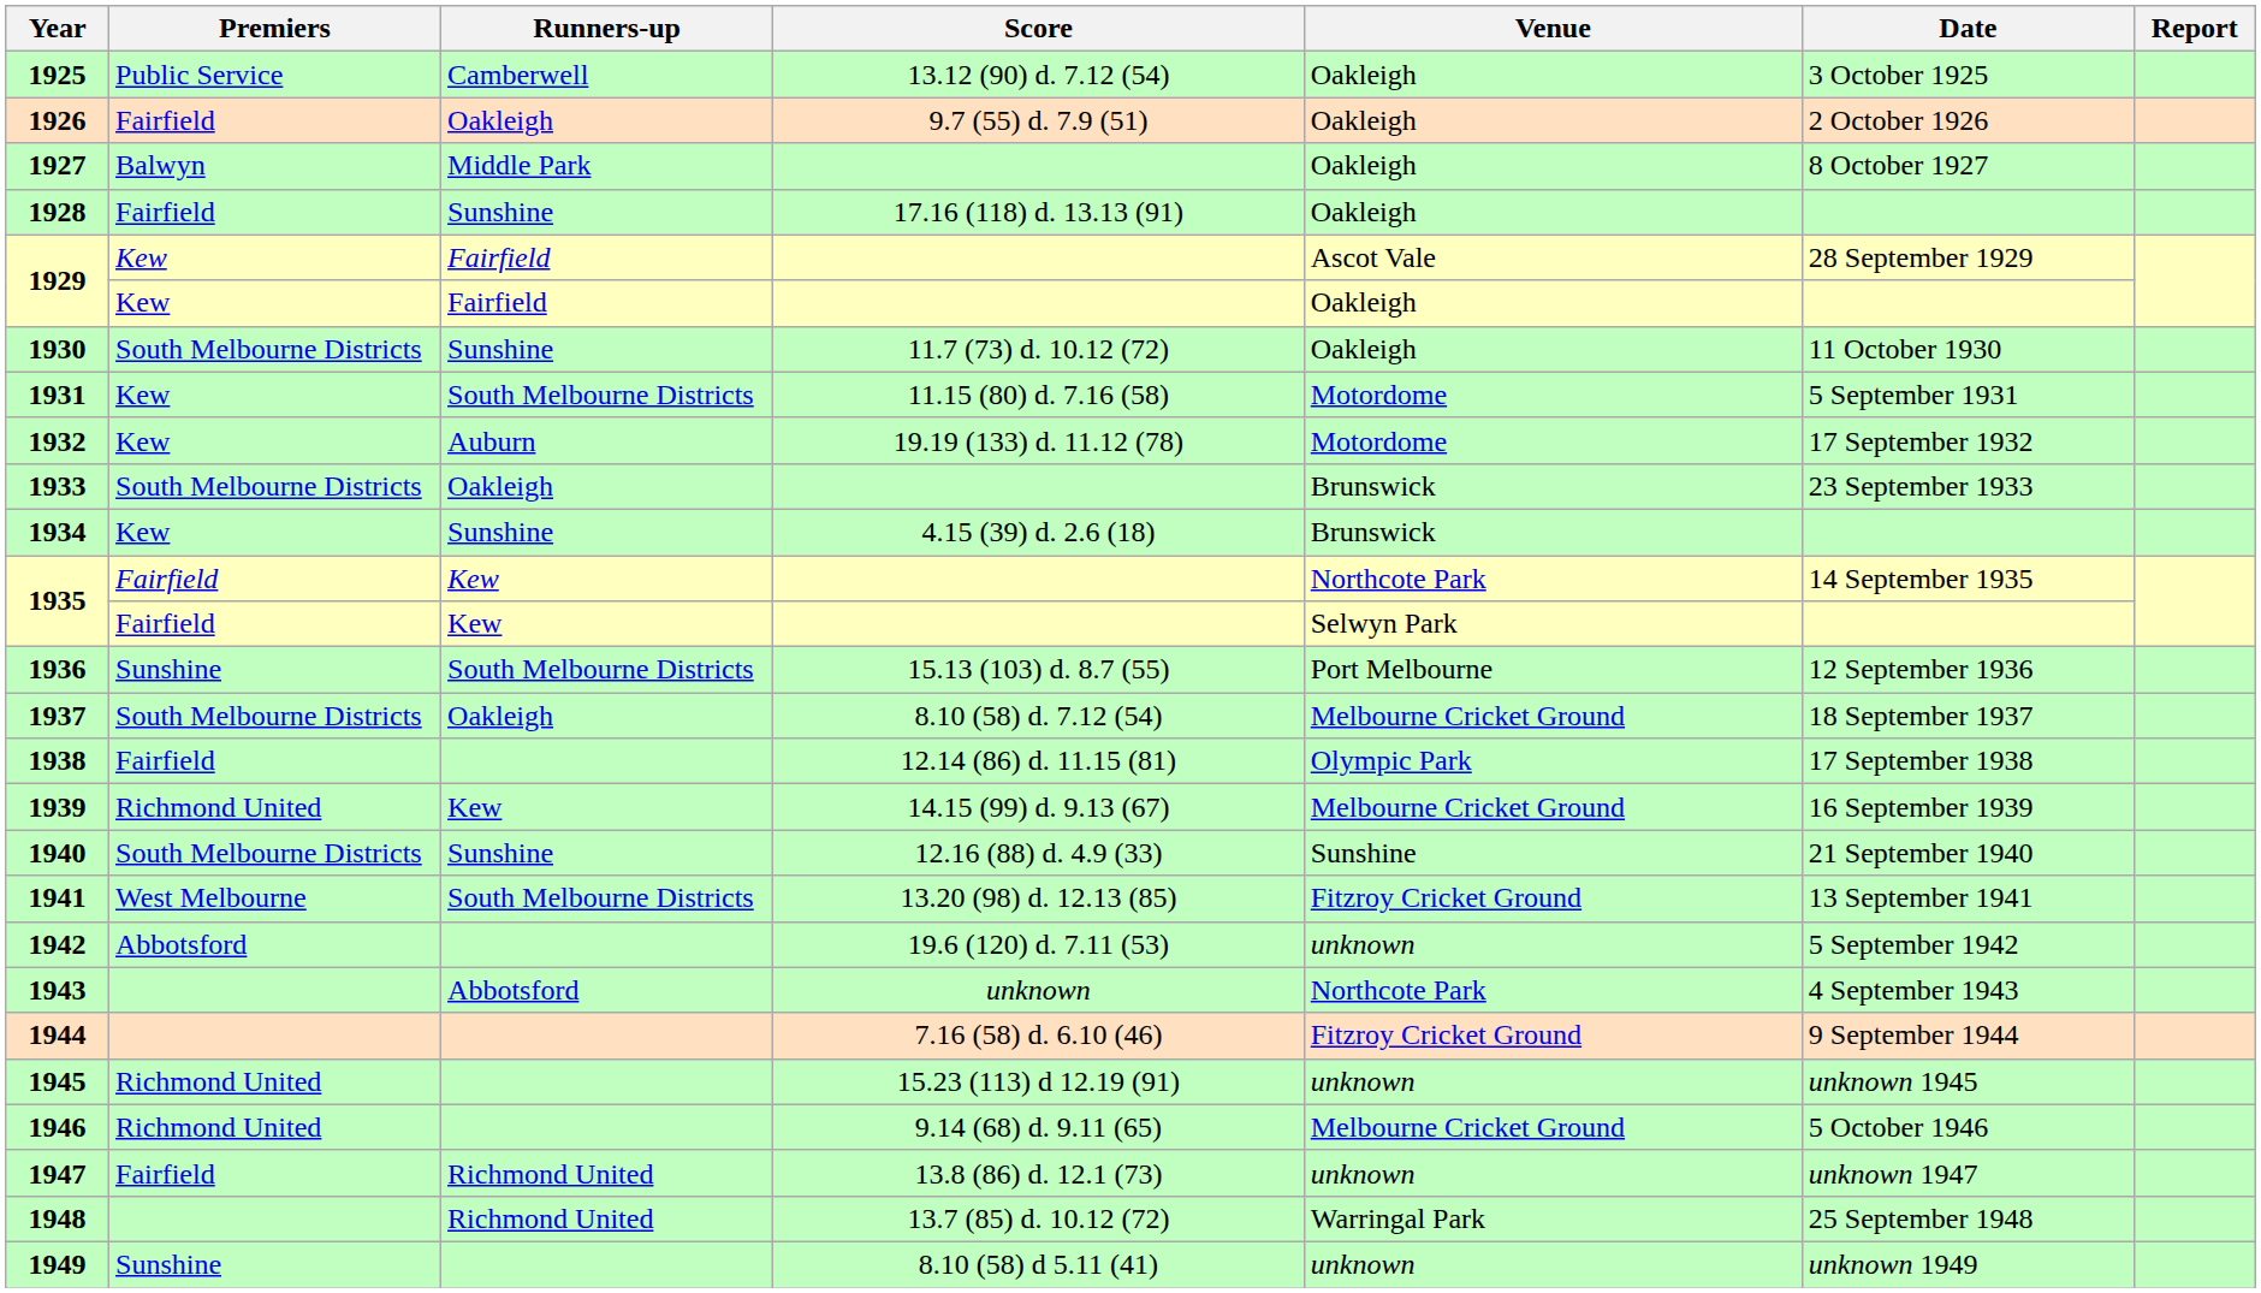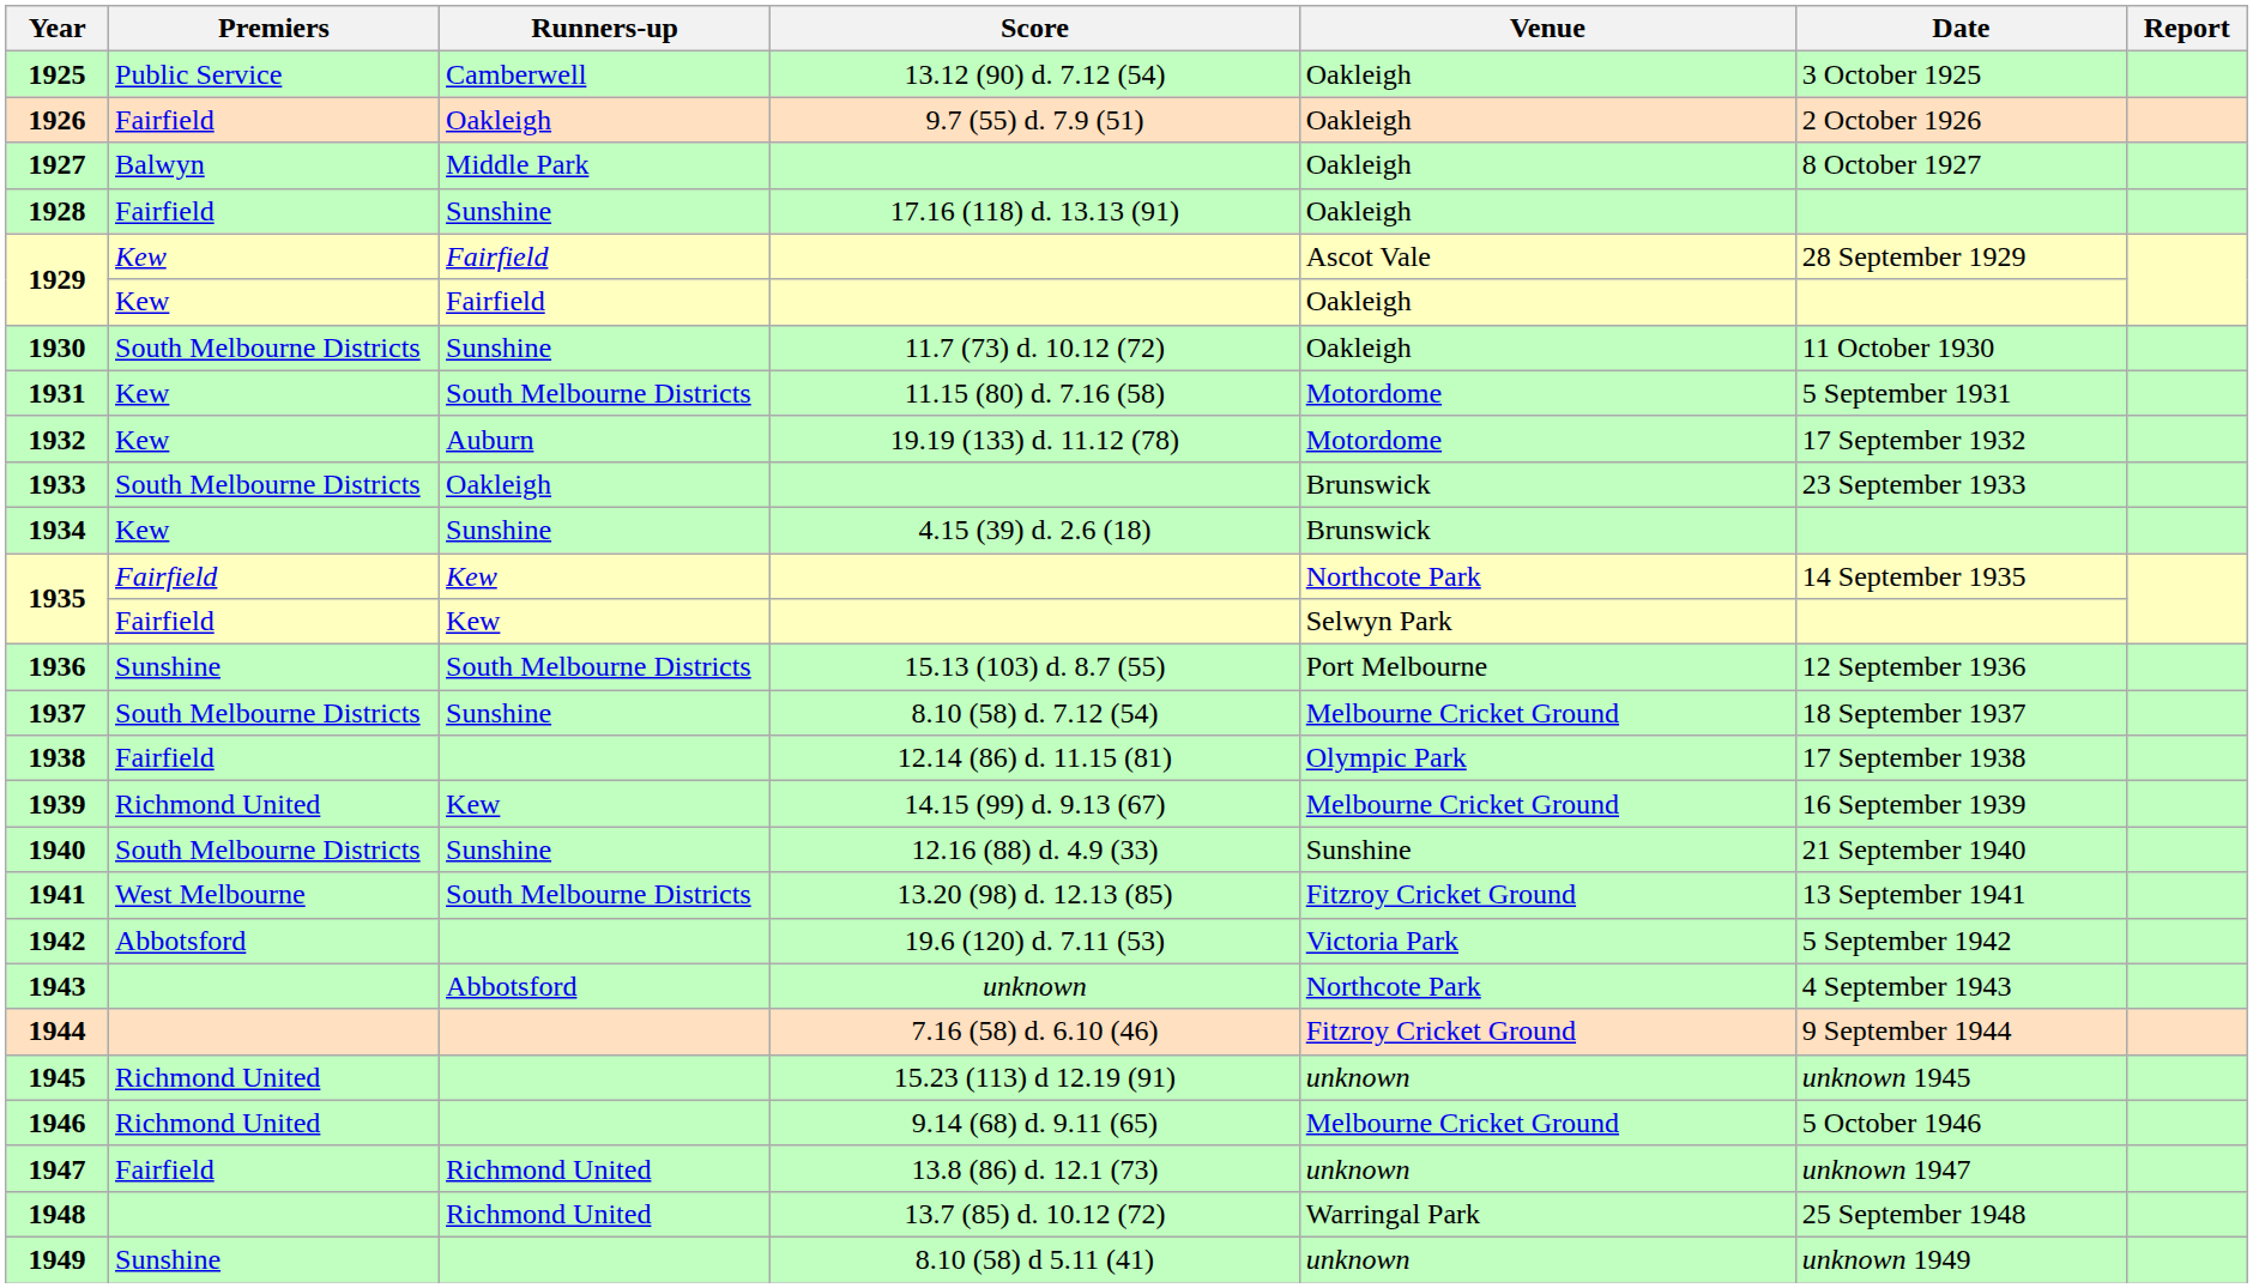 <table class="wikitable sortable" style="text-align:left; text-valign:center">
 <tr>
 <th width=3%>Year</th>
 <th width=10%>Premiers</th>
 <th width=10%>Runners-up</th>
 <th width=16%>Score</th>
 <th width=15%>Venue</th>
 <th width=10%; class=unsortable>Date</th>
 <th width=2%; class=unsortable>Report</th>
 </tr>
 <tr style="background:#C0FFC0;">
 <td align="center"><strong>1925</strong></td>
 <td><a href='#'>Public Service</a> </td>
 <td><a href='#'>Camberwell</a> </td>
 <td align=center>13.12 (90) d. 7.12 (54)</td>
 <td>Oakleigh</td>
 <td>3 October 1925</td>
 <td align=center></td>
 </tr>
 <tr style="background:#FFE0C0;">
 <td align="center"><strong>1926</strong></td>
 <td><a href='#'>Fairfield</a> </td>
 <td><a href='#'>Oakleigh</a> </td>
 <td align=center>9.7 (55) d. 7.9 (51)</td>
 <td>Oakleigh</td>
 <td>2 October 1926</td>
 <td align=center></td>
 </tr>
 <tr style="background:#C0FFC0;">
 <td align="center"><strong>1927</strong></td>
 <td><a href='#'>Balwyn</a> </td>
 <td><a href='#'>Middle Park</a> </td>
 <td align=center></td>
 <td>Oakleigh</td>
 <td>8 October 1927</td>
 <td align=center></td>
 </tr>
 <tr style="background:#C0FFC0;">
 <td align="center"><strong>1928</strong></td>
 <td><a href='#'>Fairfield</a> </td>
 <td><a href='#'>Sunshine</a> </td>
 <td align=center>17.16 (118) d. 13.13 (91)</td>
 <td>Oakleigh</td>
 <td></td>
 <td align=center></td>
 </tr>
 <tr style="background:#FFFFC0;">
 <td align="center"; rowspan="2";><strong>1929</strong></td>
 <td><em><a href='#'>Kew</a></em></td>
 <td><em><a href='#'>Fairfield</a></em></td>
 <td align=center></td>
 <td>Ascot Vale</td>
 <td>28 September 1929</td>
 <td align="center"; rowspan="2";></td>
 </tr>
 <tr style="background:#FFFFC0;">
 <td><a href='#'>Kew</a> </td>
 <td><a href='#'>Fairfield</a> </td>
 <td align=center></td>
 <td>Oakleigh</td>
 <td></td>
 </tr>
 <tr style="background:#C0FFC0;">
 <td align="center"><strong>1930</strong></td>
 <td><a href='#'>South Melbourne Districts</a> </td>
 <td><a href='#'>Sunshine</a> </td>
 <td align=center>11.7 (73) d. 10.12 (72)</td>
 <td>Oakleigh</td>
 <td>11 October 1930</td>
 <td align=center></td>
 </tr>
 <tr style="background:#C0FFC0;">
 <td align="center"><strong>1931</strong></td>
 <td><a href='#'>Kew</a> </td>
 <td><a href='#'>South Melbourne Districts</a> </td>
 <td align=center>11.15 (80) d. 7.16 (58)</td>
 <td><a href='#'>Motordome</a></td>
 <td>5 September 1931</td>
 <td align=center></td>
 </tr>
 <tr style="background:#C0FFC0;">
 <td align="center"><strong>1932</strong></td>
 <td><a href='#'>Kew</a> </td>
 <td><a href='#'>Auburn</a> </td>
 <td align=center>19.19 (133) d. 11.12 (78)</td>
 <td><a href='#'>Motordome</a></td>
 <td>17 September 1932</td>
 <td align=center></td>
 </tr>
 <tr style="background:#C0FFC0;">
 <td align="center"><strong>1933</strong></td>
 <td><a href='#'>South Melbourne Districts</a> </td>
 <td><a href='#'>Oakleigh</a> </td>
 <td align=center></td>
 <td>Brunswick</td>
 <td>23 September 1933</td>
 <td align=center></td>
 </tr>
 <tr style="background:#C0FFC0;">
 <td align="center"><strong>1934</strong></td>
 <td><a href='#'>Kew</a> </td>
 <td><a href='#'>Sunshine</a> </td>
 <td align=center>4.15 (39) d. 2.6 (18)</td>
 <td>Brunswick</td>
 <td></td>
 <td align=center></td>
 </tr>
 <tr style="background:#FFFFC0;">
 <td align="center"; rowspan="2";><strong>1935</strong></td>
 <td><em><a href='#'>Fairfield</a></em></td>
 <td><em><a href='#'>Kew</a></em></td>
 <td align=center></td>
 <td><a href='#'>Northcote Park</a></td>
 <td>14 September 1935</td>
 <td align="center"; rowspan="2";></td>
 </tr>
 <tr style="background:#FFFFC0;">
 <td><a href='#'>Fairfield</a> </td>
 <td><a href='#'>Kew</a> </td>
 <td align=center></td>
 <td>Selwyn Park</td>
 <td></td>
 </tr>
 <tr style="background:#C0FFC0;">
 <td align="center"><strong>1936</strong></td>
 <td><a href='#'>Sunshine</a> </td>
 <td><a href='#'>South Melbourne Districts</a> </td>
 <td align=center>15.13 (103) d. 8.7 (55)</td>
 <td>Port Melbourne</td>
 <td>12 September 1936</td>
 <td align=center></td>
 </tr>
 <tr style="background:#C0FFC0;">
 <td align="center"><strong>1937</strong></td>
 <td><a href='#'>South Melbourne Districts</a> </td>
-<td><a href='#'>Oakleigh</a> </td>
+<td><a href='#'>Sunshine</a> </td>
 <td align=center>8.10 (58) d. 7.12 (54)</td>
 <td><a href='#'>Melbourne Cricket Ground</a></td>
 <td>18 September 1937</td>
 <td align=center></td>
 </tr>
 <tr style="background:#C0FFC0;">
 <td align="center"><strong>1938</strong></td>
 <td><a href='#'>Fairfield</a> </td>
 <td> </td>
 <td align=center>12.14 (86) d. 11.15 (81)</td>
 <td><a href='#'>Olympic Park</a></td>
 <td>17 September 1938</td>
 <td align=center></td>
 </tr>
 <tr style="background:#C0FFC0;">
 <td align="center"><strong>1939</strong></td>
 <td><a href='#'>Richmond United</a> </td>
 <td><a href='#'>Kew</a> </td>
 <td align=center>14.15 (99) d. 9.13 (67)</td>
 <td><a href='#'>Melbourne Cricket Ground</a></td>
 <td>16 September 1939</td>
 <td align=center></td>
 </tr>
 <tr style="background:#C0FFC0;">
 <td align="center"><strong>1940</strong></td>
 <td><a href='#'>South Melbourne Districts</a> </td>
 <td><a href='#'>Sunshine</a> </td>
 <td align=center>12.16 (88) d. 4.9 (33)</td>
 <td>Sunshine</td>
 <td>21 September 1940</td>
 <td align=center></td>
 </tr>
 <tr style="background:#C0FFC0;">
 <td align="center"><strong>1941</strong></td>
 <td><a href='#'>West Melbourne</a> </td>
 <td><a href='#'>South Melbourne Districts</a> </td>
 <td align=center>13.20 (98) d. 12.13 (85)</td>
 <td><a href='#'>Fitzroy Cricket Ground</a></td>
 <td>13 September 1941</td>
 <td align=center></td>
 </tr>
 <tr style="background:#C0FFC0;">
 <td align="center"><strong>1942</strong></td>
 <td><a href='#'>Abbotsford</a> </td>
 <td></td>
 <td align=center>19.6 (120) d. 7.11 (53)</td>
-<td><em>unknown</em></td>
+<td><a href='#'>Victoria Park</a></td>
 <td>5 September 1942</td>
 <td align=center></td>
 </tr>
 <tr style="background:#C0FFC0;">
 <td align="center"><strong>1943</strong></td>
 <td></td>
 <td><a href='#'>Abbotsford</a> </td>
 <td align="center"><em>unknown</em></td>
 <td><a href='#'>Northcote Park</a></td>
 <td>4 September 1943</td>
 <td align=center></td>
 </tr>
 <tr style="background:#FFE0C0;">
 <td align="center"><strong>1944</strong></td>
 <td></td>
 <td></td>
 <td align=center>7.16 (58) d. 6.10 (46)</td>
 <td><a href='#'>Fitzroy Cricket Ground</a></td>
 <td>9 September 1944</td>
 <td align=center></td>
 </tr>
 <tr style="background:#C0FFC0;">
 <td align="center"><strong>1945</strong></td>
 <td><a href='#'>Richmond United</a> </td>
 <td></td>
 <td align=center>15.23 (113) d 12.19 (91)</td>
 <td><em>unknown</em></td>
 <td><em>unknown</em> 1945</td>
 <td align=center></td>
 </tr>
 <tr style="background:#C0FFC0;">
 <td align="center"><strong>1946</strong></td>
 <td><a href='#'>Richmond United</a> </td>
 <td></td>
 <td align=center>9.14 (68) d. 9.11 (65)</td>
 <td><a href='#'>Melbourne Cricket Ground</a></td>
 <td>5 October 1946</td>
 <td align=center></td>
 </tr>
 <tr style="background:#C0FFC0;">
 <td align="center"><strong>1947</strong></td>
 <td><a href='#'>Fairfield</a> </td>
 <td><a href='#'>Richmond United</a> </td>
 <td align=center>13.8 (86) d. 12.1 (73)</td>
 <td><em>unknown</em></td>
 <td><em>unknown</em> 1947</td>
 <td align=center></td>
 </tr>
 <tr style="background:#C0FFC0;">
 <td align="center"><strong>1948</strong></td>
 <td></td>
 <td><a href='#'>Richmond United</a> </td>
 <td align=center>13.7 (85) d. 10.12 (72)</td>
 <td>Warringal Park</td>
 <td>25 September 1948</td>
 <td align=center></td>
 </tr>
 <tr style="background:#C0FFC0;">
 <td align="center"><strong>1949</strong></td>
 <td><a href='#'>Sunshine</a> </td>
 <td></td>
 <td align=center>8.10 (58) d 5.11 (41)</td>
 <td><em>unknown</em></td>
 <td><em>unknown</em> 1949</td>
 <td align=center></td>
 </tr>
 </table>
